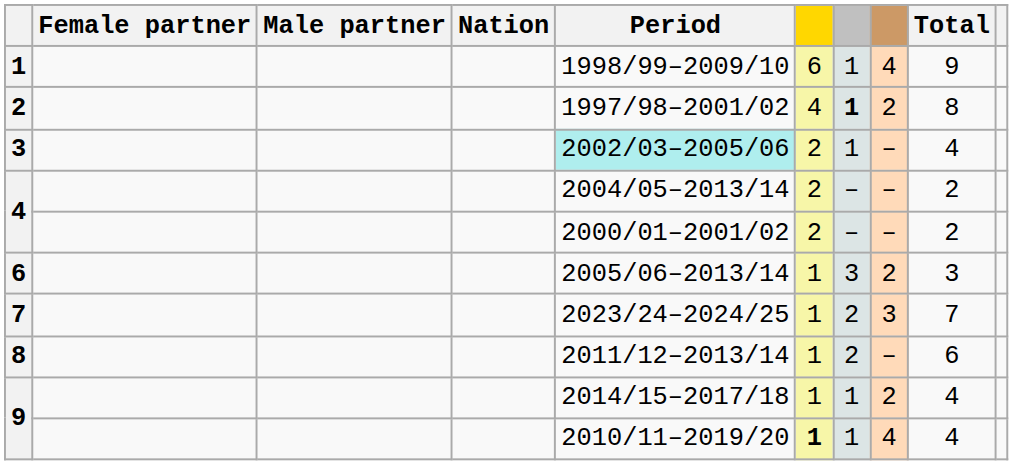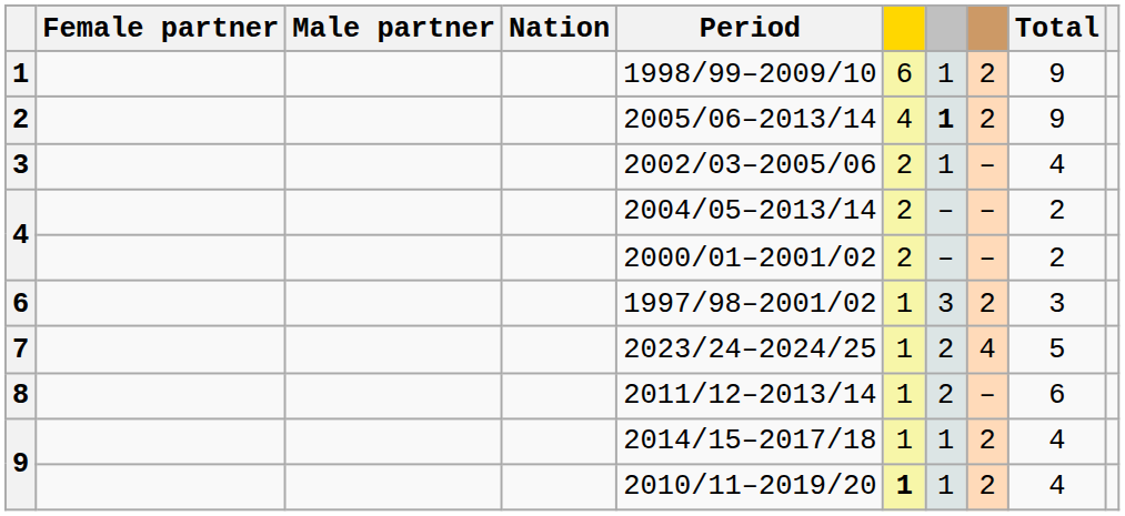 <table class="wikitable unsortable" style="text-align:center">
 <tr>
 <th scope="col"></th>
 <th scope="col">Female partner</th>
 <th scope="col">Male partner</th>
 <th scope="col">Nation</th>
 <th scope="col">Period</th>
 <th scope="col" style="width:1em; background-color:gold"></th>
 <th scope="col" style="width:1em;background-color:silver"></th>
 <th scope="col" style="width:1em;background-color:#CC9966"></th>
 <th scope="col">Total</th>
 <th></th>
 </tr>
 <tr>
 <th scope="row">1</th>
 <td align="left"></td>
 <td align="left"></td>
 <td align="left"></td>
 <td>1998/99–2009/10</td>
 <td bgcolor="#F7F6A8">6</td>
 <td bgcolor="#DCE5E5">1</td>
-<td bgcolor="#FFDAB9">4</td>
+<td bgcolor="#FFDAB9">2</td>
 <td>9</td>
 <td></td>
 </tr>
 <tr>
 <th scope="row">2</th>
 <td align="left"></td>
 <td align="left"></td>
 <td align="left"></td>
-<td>1997/98–2001/02</td>
+<td>2005/06–2013/14</td>
 <td bgcolor="#F7F6A8">4</td>
 <td bgcolor="#DCE5E5"><strong>1</strong></td>
 <td bgcolor="#FFDAB9">2</td>
-<td>8</td>
+<td>9</td>
 <td></td>
 </tr>
 <tr>
 <th scope="row">3</th>
 <td align="left"></td>
 <td align="left"></td>
 <td align="left"></td>
-<td style="background: paleturquoise;">2002/03–2005/06</td>
+<td>2002/03–2005/06</td>
 <td bgcolor="#F7F6A8">2</td>
 <td bgcolor="#DCE5E5">1</td>
 <td bgcolor="#FFDAB9">–</td>
 <td>4</td>
 <td></td>
 </tr>
 <tr>
 <th scope="row" rowspan="2">4</th>
 <td align="left"></td>
 <td align="left"></td>
 <td align="left"></td>
 <td>2004/05–2013/14</td>
 <td bgcolor="#F7F6A8">2</td>
 <td bgcolor="#DCE5E5">–</td>
 <td bgcolor="#FFDAB9">–</td>
 <td>2</td>
 <td></td>
 </tr>
 <tr>
 <td align="left"></td>
 <td align="left"></td>
 <td align="left"></td>
 <td>2000/01–2001/02</td>
 <td bgcolor="#F7F6A8">2</td>
 <td bgcolor="#DCE5E5">–</td>
 <td bgcolor="#FFDAB9">–</td>
 <td>2</td>
 <td></td>
 </tr>
 <tr>
 <th scope="row">6</th>
 <td align="left"></td>
 <td align="left"></td>
 <td align="left"></td>
-<td>2005/06–2013/14</td>
+<td>1997/98–2001/02</td>
 <td bgcolor="#F7F6A8">1</td>
 <td bgcolor="#DCE5E5">3</td>
 <td bgcolor="#FFDAB9">2</td>
 <td>3</td>
 <td></td>
 </tr>
 <tr>
 <th scope="row">7</th>
 <td align="left"></td>
 <td align="left"></td>
 <td align="left"></td>
 <td>2023/24–2024/25</td>
 <td bgcolor="#F7F6A8">1</td>
 <td bgcolor="#DCE5E5">2</td>
-<td bgcolor="#FFDAB9">3</td>
-<td>7</td>
+<td bgcolor="#FFDAB9">4</td>
+<td>5</td>
 <td></td>
 </tr>
 <tr>
 <th scope="row">8</th>
 <td align="left"></td>
 <td align="left"></td>
 <td align="left"></td>
 <td>2011/12–2013/14</td>
 <td bgcolor="#F7F6A8">1</td>
 <td bgcolor="#DCE5E5">2</td>
 <td bgcolor="#FFDAB9">–</td>
 <td>6</td>
 <td></td>
 </tr>
 <tr>
 <th scope="row" rowspan="2">9</th>
 <td align="left"></td>
 <td align="left"></td>
 <td align="left"></td>
 <td>2014/15–2017/18</td>
 <td bgcolor="#F7F6A8">1</td>
 <td bgcolor="#DCE5E5">1</td>
 <td bgcolor="#FFDAB9">2</td>
 <td>4</td>
 <td></td>
 </tr>
 <tr>
 <td align="left"></td>
 <td align="left"></td>
 <td align="left"></td>
 <td>2010/11–2019/20</td>
 <td bgcolor="#F7F6A8"><strong>1</strong></td>
 <td bgcolor="#DCE5E5">1</td>
-<td bgcolor="#FFDAB9">4</td>
+<td bgcolor="#FFDAB9">2</td>
 <td>4</td>
 <td></td>
 </tr>
 </table>
